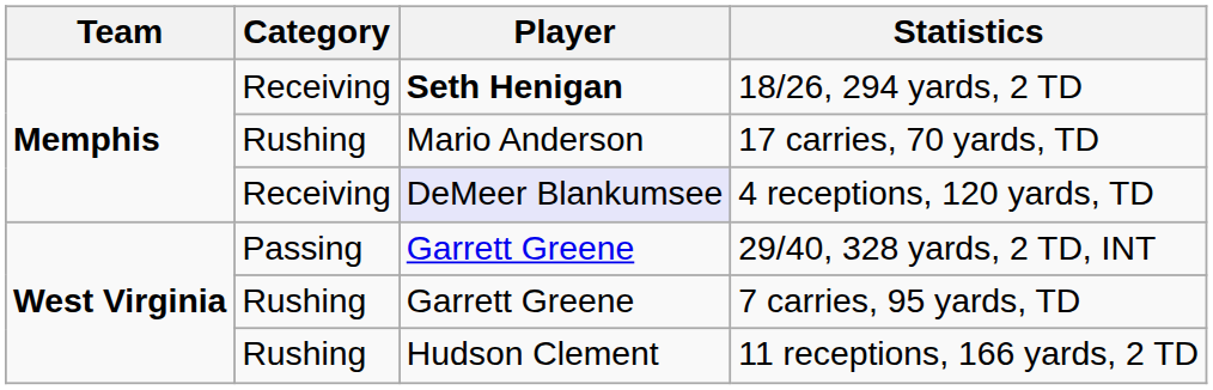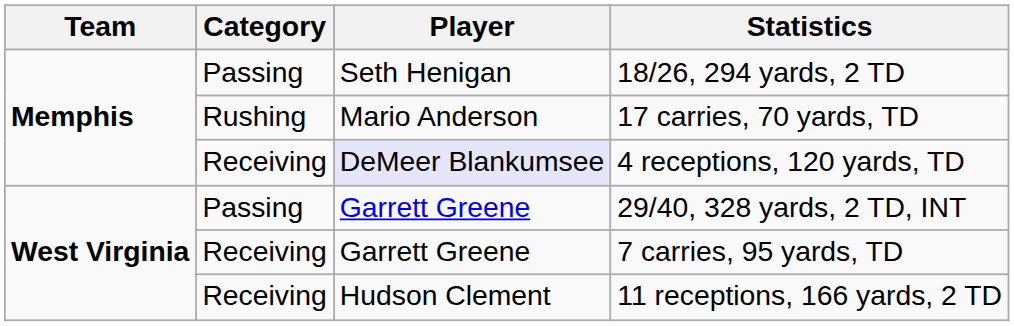 <table class="wikitable" style="float: right;">
 <tr>
 <th>Team</th>
 <th>Category</th>
 <th>Player</th>
 <th>Statistics</th>
 </tr>
 <tr>
 <td rowspan=3><strong>Memphis</strong></td>
-<td>Receiving</td>
-<td><strong>Seth Henigan</strong></td>
+<td>Passing</td>
+<td>Seth Henigan</td>
 <td>18/26, 294 yards, 2 TD</td>
 </tr>
 <tr>
 <td>Rushing</td>
 <td>Mario Anderson</td>
 <td>17 carries, 70 yards, TD</td>
 </tr>
 <tr>
 <td>Receiving</td>
 <td style="background: lavender;">DeMeer Blankumsee</td>
 <td>4 receptions, 120 yards, TD</td>
 </tr>
 <tr>
 <td rowspan=3><strong>West Virginia</strong></td>
 <td>Passing</td>
 <td><a href='#'>Garrett Greene</a></td>
 <td>29/40, 328 yards, 2 TD, INT</td>
 </tr>
 <tr>
-<td>Rushing</td>
+<td>Receiving</td>
 <td>Garrett Greene</td>
 <td>7 carries, 95 yards, TD</td>
 </tr>
 <tr>
-<td>Rushing</td>
+<td>Receiving</td>
 <td>Hudson Clement</td>
 <td>11 receptions, 166 yards, 2 TD</td>
 </tr>
 </table>
